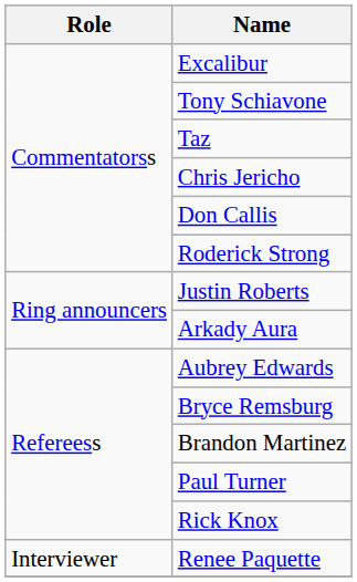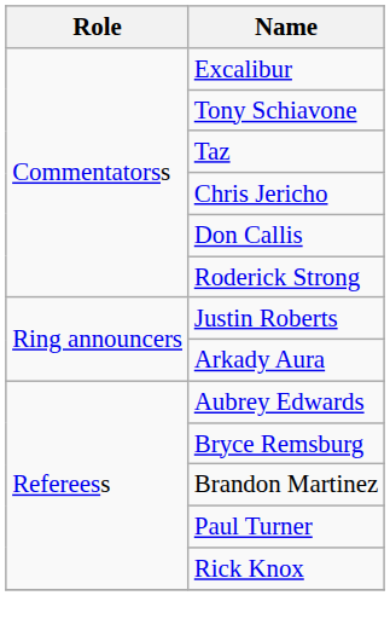 <table class=wikitable style="font-size:90%; margin: 0.5em 0 0.5em 1em; float: right; clear: right;">
 <tr>
 <th>Role</th>
 <th>Name</th>
 </tr>
 <tr>
 <td rowspan="6"><a href='#'>Commentators</a>s</td>
 <td><a href='#'>Excalibur</a> </td>
 </tr>
 <tr>
 <td><a href='#'>Tony Schiavone</a> </td>
 </tr>
 <tr>
 <td><a href='#'>Taz</a> </td>
 </tr>
 <tr>
 <td><a href='#'>Chris Jericho</a> </td>
 </tr>
 <tr>
 <td><a href='#'>Don Callis</a> </td>
 </tr>
 <tr>
 <td><a href='#'>Roderick Strong</a> </td>
 </tr>
 <tr>
 <td rowspan=2><a href='#'>Ring announcers</a></td>
 <td><a href='#'>Justin Roberts</a> </td>
 </tr>
 <tr>
 <td><a href='#'>Arkady Aura</a> </td>
 </tr>
 <tr>
 <td rowspan=5><a href='#'>Referees</a>s</td>
 <td><a href='#'>Aubrey Edwards</a></td>
 </tr>
 <tr>
 <td><a href='#'>Bryce Remsburg</a></td>
 </tr>
 <tr>
 <td>Brandon Martinez</td>
 </tr>
 <tr>
 <td><a href='#'>Paul Turner</a></td>
 </tr>
 <tr>
 <td><a href='#'>Rick Knox</a></td>
 </tr>
 <tr>
-<td>Interviewer</td>
-<td><a href='#'>Renee Paquette</a></td>
-</tr>
-<tr>
 </tr>
 </table>
